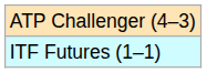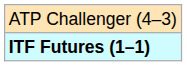 <table class=wikitable style=font-size:90%>
 <tr bgcolor=moccasin>
 <td>ATP Challenger (4–3)</td>
 </tr>
 <tr bgcolor=cffcff>
-<td>ITF Futures (1–1)</td>
+<td><strong>ITF Futures (1–1)</strong></td>
 </tr>
 </table>
